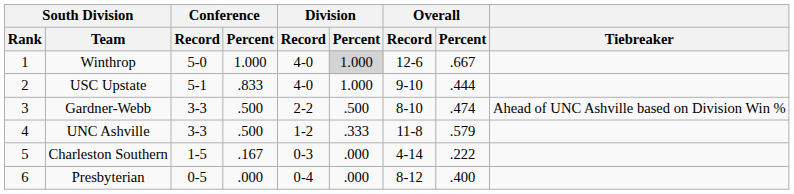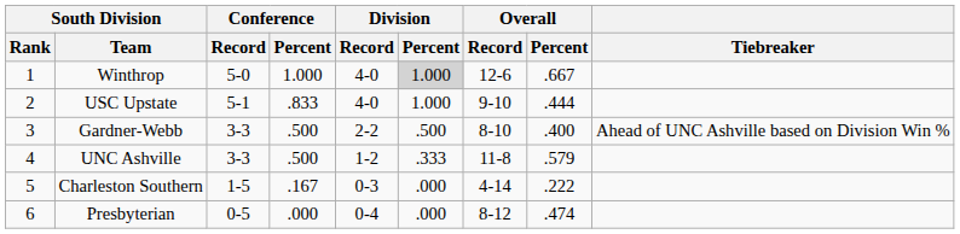 <table class="wikitable sortable" style="text-align:center">
 <tr>
 <th colspan="2">South Division</th>
 <th colspan="2">Conference</th>
 <th colspan="2">Division</th>
 <th colspan="2">Overall</th>
 <th></th>
 </tr>
 <tr>
 <th>Rank</th>
 <th>Team</th>
 <th>Record</th>
 <th>Percent</th>
 <th>Record</th>
 <th>Percent</th>
 <th>Record</th>
 <th>Percent</th>
 <th>Tiebreaker</th>
 </tr>
 <tr>
 <td>1</td>
 <td>Winthrop</td>
 <td>5-0</td>
 <td>1.000</td>
 <td>4-0</td>
 <td style="background: lightgrey;">1.000</td>
 <td>12-6</td>
 <td>.667</td>
 <td></td>
 </tr>
 <tr>
 <td>2</td>
 <td>USC Upstate</td>
 <td>5-1</td>
 <td>.833</td>
 <td>4-0</td>
 <td>1.000</td>
 <td>9-10</td>
 <td>.444</td>
 <td></td>
 </tr>
 <tr>
 <td>3</td>
 <td>Gardner-Webb</td>
 <td>3-3</td>
 <td>.500</td>
 <td>2-2</td>
 <td>.500</td>
 <td>8-10</td>
-<td>.474</td>
+<td>.400</td>
 <td>Ahead of UNC Ashville based on Division Win %</td>
 </tr>
 <tr>
 <td>4</td>
 <td>UNC Ashville</td>
 <td>3-3</td>
 <td>.500</td>
 <td>1-2</td>
 <td>.333</td>
 <td>11-8</td>
 <td>.579</td>
 <td></td>
 </tr>
 <tr>
 <td>5</td>
 <td>Charleston Southern</td>
 <td>1-5</td>
 <td>.167</td>
 <td>0-3</td>
 <td>.000</td>
 <td>4-14</td>
 <td>.222</td>
 <td></td>
 </tr>
 <tr>
 <td>6</td>
 <td>Presbyterian</td>
 <td>0-5</td>
 <td>.000</td>
 <td>0-4</td>
 <td>.000</td>
 <td>8-12</td>
-<td>.400</td>
+<td>.474</td>
 <td></td>
 </tr>
 </table>
